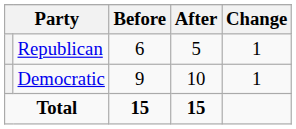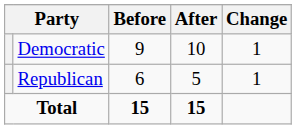 <table class="wikitable" style="text-align:center;">
 <tr>
 </tr>
 <tr>
 <th colspan=2>Party</th>
 <th>Before</th>
 <th>After</th>
 <th>Change</th>
 </tr>
 <tr>
 <th style="background-color:"></th>
-<td style="text-align:left;"><a href='#'>Republican</a></td>
-<td>6</td>
-<td>5</td>
+<td style="text-align:left;"><a href='#'>Democratic</a></td>
+<td>9</td>
+<td>10</td>
 <td> 1</td>
 </tr>
 <tr>
 <th style="background-color:"></th>
-<td style="text-align:left;"><a href='#'>Democratic</a></td>
-<td>9</td>
-<td>10</td>
+<td style="text-align:left;"><a href='#'>Republican</a></td>
+<td>6</td>
+<td>5</td>
 <td> 1</td>
 </tr>
 <tr>
 <td colspan=2><strong>Total</strong></td>
 <td><strong>15</strong></td>
 <td><strong>15</strong></td>
 <td></td>
 </tr>
 </table>
